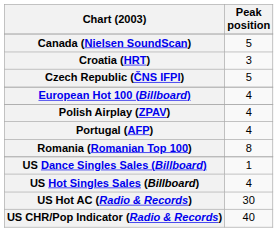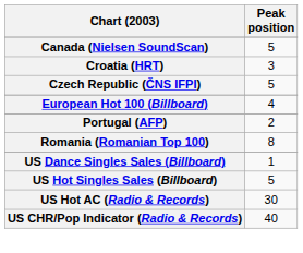 <table class="wikitable sortable plainrowheaders" style="text-align:center">
 <tr>
 <th>Chart (2003)</th>
 <th>Peak<br>position</th>
 </tr>
 <tr>
 </tr>
 <tr>
 </tr>
 <tr>
 </tr>
 <tr>
 </tr>
 <tr>
 </tr>
 <tr>
 <th scope="row">Canada (<a href='#'>Nielsen SoundScan</a>)</th>
 <td>5</td>
 </tr>
 <tr>
 <th scope="row">Croatia (<a href='#'>HRT</a>)</th>
 <td>3</td>
 </tr>
 <tr>
 <th scope="row">Czech Republic (<a href='#'>ČNS IFPI</a>)</th>
 <td>5</td>
 </tr>
 <tr>
 </tr>
 <tr>
 <th scope="row"><a href='#'>European Hot 100 (<em>Billboard</em>)</a></th>
 <td>4</td>
 </tr>
 <tr>
 </tr>
 <tr>
 </tr>
 <tr>
 </tr>
 <tr>
 </tr>
 <tr>
 </tr>
 <tr>
 </tr>
 <tr>
 </tr>
 <tr>
 </tr>
 <tr>
 </tr>
 <tr>
 </tr>
 <tr>
-<th scope="row">Polish Airplay (<a href='#'>ZPAV</a>)</th>
-<td>4</td>
-</tr>
-<tr>
 <th scope="row">Portugal (<a href='#'>AFP</a>)</th>
-<td>4</td>
+<td>2</td>
 </tr>
 <tr>
 <th scope="row">Romania (<a href='#'>Romanian Top 100</a>)</th>
 <td>8</td>
 </tr>
 <tr>
 </tr>
 <tr>
 </tr>
 <tr>
 </tr>
 <tr>
 </tr>
 <tr>
 </tr>
 <tr>
 </tr>
 <tr>
 </tr>
 <tr>
 </tr>
 <tr>
 <th scope="row">US <a href='#'>Dance Singles Sales (<em>Billboard</em>)</a></th>
 <td>1</td>
 </tr>
 <tr>
 <th scope="row">US <a href='#'>Hot Singles Sales</a> (<em>Billboard</em>)</th>
-<td>4</td>
+<td>5</td>
 </tr>
 <tr>
 <th scope="row">US Hot AC (<em><a href='#'>Radio & Records</a></em>)</th>
 <td>30</td>
 </tr>
 <tr>
 <th scope="row">US CHR/Pop Indicator (<em><a href='#'>Radio & Records</a></em>)</th>
 <td>40</td>
 </tr>
 </table>
